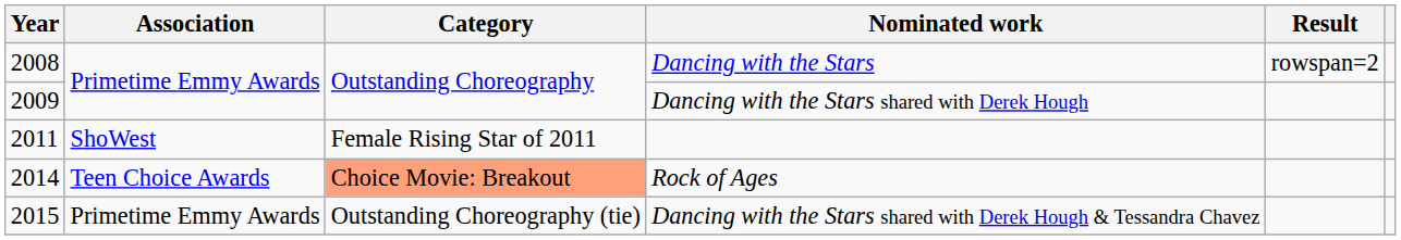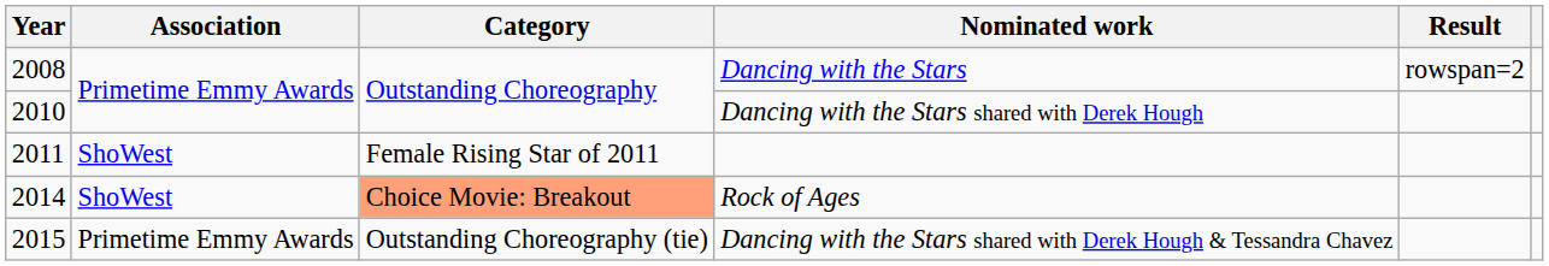 <table class="wikitable sortable">
 <tr>
 <th>Year</th>
 <th>Association</th>
 <th>Category</th>
 <th>Nominated work</th>
 <th>Result</th>
 <th class="unsortable"></th>
 </tr>
 <tr>
 <td>2008</td>
 <td rowspan=2><a href='#'>Primetime Emmy Awards</a></td>
 <td rowspan=2><a href='#'>Outstanding Choreography</a></td>
 <td><em><a href='#'>Dancing with the Stars</a></em></td>
 <td>rowspan=2 </td>
 <td></td>
 </tr>
 <tr>
-<td>2009</td>
+<td>2010</td>
 <td><em>Dancing with the Stars</em> <small>shared with <a href='#'>Derek Hough</a></small></td>
 <td></td>
 </tr>
 <tr>
 <td>2011</td>
 <td><a href='#'>ShoWest</a></td>
 <td>Female Rising Star of 2011</td>
 <td></td>
 <td></td>
 <td></td>
 </tr>
 <tr>
 <td>2014</td>
-<td><a href='#'>Teen Choice Awards</a></td>
+<td><a href='#'>ShoWest</a></td>
 <td style="background: lightsalmon;">Choice Movie: Breakout</td>
 <td><em>Rock of Ages</em></td>
 <td></td>
 <td></td>
 </tr>
 <tr>
 <td>2015</td>
 <td>Primetime Emmy Awards</td>
 <td>Outstanding Choreography (tie)</td>
 <td><em>Dancing with the Stars</em> <small>shared with <a href='#'>Derek Hough</a> & Tessandra Chavez</small></td>
 <td></td>
 <td></td>
 </tr>
 </table>
